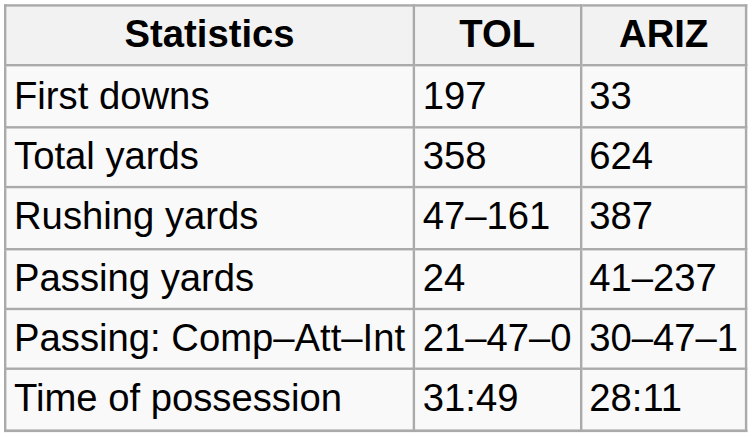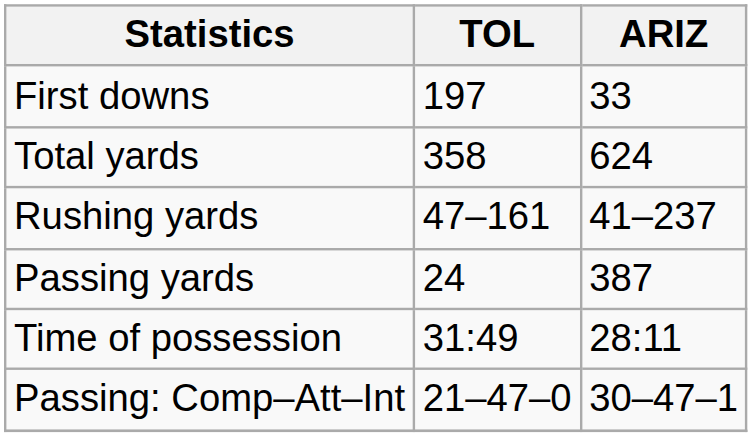 <table class="wikitable" style="float: left;">
 <tr>
 <th>Statistics</th>
 <th>TOL</th>
 <th>ARIZ</th>
 </tr>
 <tr>
 <td>First downs</td>
 <td>197</td>
 <td>33</td>
 </tr>
 <tr>
 <td>Total yards</td>
 <td>358</td>
 <td>624</td>
 </tr>
 <tr>
 <td>Rushing yards</td>
 <td>47–161</td>
-<td>387</td>
+<td>41–237</td>
 </tr>
 <tr>
 <td>Passing yards</td>
 <td>24</td>
-<td>41–237</td>
+<td>387</td>
+</tr>
+<tr>
+<td>Time of possession</td>
+<td>31:49</td>
+<td>28:11</td>
 </tr>
 <tr>
 <td>Passing: Comp–Att–Int</td>
 <td>21–47–0</td>
 <td>30–47–1</td>
 </tr>
 <tr>
-<td>Time of possession</td>
-<td>31:49</td>
-<td>28:11</td>
-</tr>
-<tr>
 </tr>
 </table>
